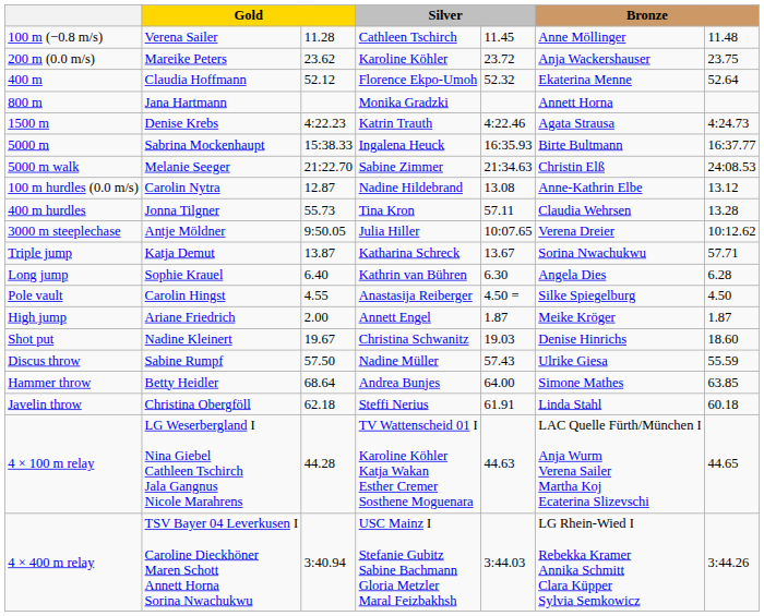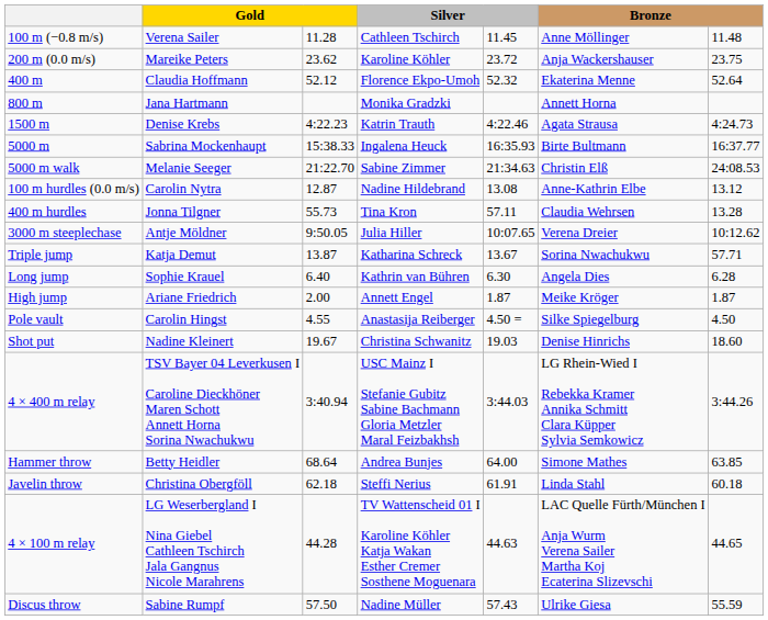 <table class="wikitable">
 <tr>
 <th></th>
 <th style="background:gold;" colspan=2>Gold</th>
 <th style="background:silver;" colspan=2>Silver</th>
 <th style="background:#CC9966;" colspan=2>Bronze</th>
 </tr>
 <tr>
 <td><a href='#'>100 m</a> (−0.8 m/s)</td>
 <td><a href='#'>Verena Sailer</a></td>
 <td>11.28 </td>
 <td><a href='#'>Cathleen Tschirch</a></td>
 <td>11.45 </td>
 <td><a href='#'>Anne Möllinger</a></td>
 <td>11.48 </td>
 </tr>
 <tr>
 <td><a href='#'>200 m</a> (0.0 m/s)</td>
 <td><a href='#'>Mareike Peters</a></td>
 <td>23.62</td>
 <td><a href='#'>Karoline Köhler</a></td>
 <td>23.72 </td>
 <td><a href='#'>Anja Wackershauser</a></td>
 <td>23.75 </td>
 </tr>
 <tr>
 <td><a href='#'>400 m</a></td>
 <td><a href='#'>Claudia Hoffmann</a></td>
 <td>52.12</td>
 <td><a href='#'>Florence Ekpo-Umoh</a></td>
 <td>52.32</td>
 <td><a href='#'>Ekaterina Menne</a></td>
 <td>52.64 </td>
 </tr>
 <tr>
 <td><a href='#'>800 m</a></td>
 <td><a href='#'>Jana Hartmann</a></td>
 <td></td>
 <td><a href='#'>Monika Gradzki</a></td>
 <td></td>
 <td><a href='#'>Annett Horna</a></td>
 <td></td>
 </tr>
 <tr>
 <td><a href='#'>1500 m</a></td>
 <td><a href='#'>Denise Krebs</a></td>
 <td>4:22.23</td>
 <td><a href='#'>Katrin Trauth</a></td>
 <td>4:22.46 </td>
 <td><a href='#'>Agata Strausa</a></td>
 <td>4:24.73 </td>
 </tr>
 <tr>
 <td><a href='#'>5000 m</a></td>
 <td><a href='#'>Sabrina Mockenhaupt</a></td>
 <td>15:38.33</td>
 <td><a href='#'>Ingalena Heuck</a></td>
 <td>16:35.93 </td>
 <td><a href='#'>Birte Bultmann</a></td>
 <td>16:37.77 </td>
 </tr>
 <tr>
 <td><a href='#'>5000 m walk</a></td>
 <td><a href='#'>Melanie Seeger</a></td>
 <td>21:22.70</td>
 <td><a href='#'>Sabine Zimmer</a></td>
 <td>21:34.63</td>
 <td><a href='#'>Christin Elß</a></td>
 <td>24:08.53 </td>
 </tr>
 <tr>
 <td><a href='#'>100 m hurdles</a> (0.0 m/s)</td>
 <td><a href='#'>Carolin Nytra</a></td>
 <td>12.87</td>
 <td><a href='#'>Nadine Hildebrand</a></td>
 <td>13.08</td>
 <td><a href='#'>Anne-Kathrin Elbe</a></td>
 <td>13.12</td>
 </tr>
 <tr>
 <td><a href='#'>400 m hurdles</a></td>
 <td><a href='#'>Jonna Tilgner</a></td>
 <td>55.73 </td>
 <td><a href='#'>Tina Kron</a></td>
 <td>57.11</td>
 <td><a href='#'>Claudia Wehrsen</a></td>
 <td>13.28</td>
 </tr>
 <tr>
 <td><a href='#'>3000 m steeplechase</a></td>
 <td><a href='#'>Antje Möldner</a></td>
 <td>9:50.05</td>
 <td><a href='#'>Julia Hiller</a></td>
 <td>10:07.65</td>
 <td><a href='#'>Verena Dreier</a></td>
 <td>10:12.62 </td>
 </tr>
 <tr>
 <td><a href='#'>Triple jump</a></td>
 <td><a href='#'>Katja Demut</a></td>
 <td>13.87</td>
 <td><a href='#'>Katharina Schreck</a></td>
 <td>13.67 </td>
 <td><a href='#'>Sorina Nwachukwu</a></td>
 <td>57.71 </td>
 </tr>
 <tr>
 <td><a href='#'>Long jump</a></td>
 <td><a href='#'>Sophie Krauel</a></td>
 <td>6.40</td>
 <td><a href='#'>Kathrin van Bühren</a></td>
 <td>6.30 </td>
 <td><a href='#'>Angela Dies</a></td>
 <td>6.28</td>
 </tr>
 <tr>
+<td><a href='#'>High jump</a></td>
+<td><a href='#'>Ariane Friedrich</a></td>
+<td>2.00</td>
+<td><a href='#'>Annett Engel</a></td>
+<td>1.87 </td>
+<td><a href='#'>Meike Kröger</a></td>
+<td>1.87 </td>
+</tr>
+<tr>
 <td><a href='#'>Pole vault</a></td>
 <td><a href='#'>Carolin Hingst</a></td>
 <td>4.55</td>
 <td><a href='#'>Anastasija Reiberger</a></td>
 <td>4.50 =</td>
 <td><a href='#'>Silke Spiegelburg</a></td>
 <td>4.50</td>
-</tr>
-<tr>
-<td><a href='#'>High jump</a></td>
-<td><a href='#'>Ariane Friedrich</a></td>
-<td>2.00</td>
-<td><a href='#'>Annett Engel</a></td>
-<td>1.87 </td>
-<td><a href='#'>Meike Kröger</a></td>
-<td>1.87 </td>
 </tr>
 <tr>
 <td><a href='#'>Shot put</a></td>
 <td><a href='#'>Nadine Kleinert</a></td>
 <td>19.67</td>
 <td><a href='#'>Christina Schwanitz</a></td>
 <td>19.03</td>
 <td><a href='#'>Denise Hinrichs</a></td>
 <td>18.60</td>
 </tr>
 <tr>
-<td><a href='#'>Discus throw</a></td>
-<td><a href='#'>Sabine Rumpf</a></td>
-<td>57.50</td>
-<td><a href='#'>Nadine Müller</a></td>
-<td>57.43</td>
-<td><a href='#'>Ulrike Giesa</a></td>
-<td>55.59</td>
+<td><a href='#'>4 × 400 m relay</a></td>
+<td><a href='#'>TSV Bayer 04 Leverkusen</a> I <br><br><a href='#'>Caroline Dieckhöner</a> <br> <a href='#'>Maren Schott</a> <br> <a href='#'>Annett Horna</a> <br> <a href='#'>Sorina Nwachukwu</a></td>
+<td>3:40.94</td>
+<td><a href='#'>USC Mainz</a> I <br><br><a href='#'>Stefanie Gubitz</a> <br> <a href='#'>Sabine Bachmann</a> <br> <a href='#'>Gloria Metzler</a> <br> <a href='#'>Maral Feizbakhsh</a></td>
+<td>3:44.03</td>
+<td>LG Rhein-Wied I <br><br><a href='#'>Rebekka Kramer</a> <br> <a href='#'>Annika Schmitt</a> <br> <a href='#'>Clara Küpper</a> <br> <a href='#'>Sylvia Semkowicz</a></td>
+<td>3:44.26</td>
 </tr>
 <tr>
 <td><a href='#'>Hammer throw</a></td>
 <td><a href='#'>Betty Heidler</a></td>
 <td>68.64</td>
 <td><a href='#'>Andrea Bunjes</a></td>
 <td>64.00</td>
 <td><a href='#'>Simone Mathes</a></td>
 <td>63.85</td>
 </tr>
 <tr>
 <td><a href='#'>Javelin throw</a></td>
 <td><a href='#'>Christina Obergföll</a></td>
 <td>62.18</td>
 <td><a href='#'>Steffi Nerius</a></td>
 <td>61.91</td>
 <td><a href='#'>Linda Stahl</a></td>
 <td>60.18</td>
 </tr>
 <tr>
 <td><a href='#'>4 × 100 m relay</a></td>
 <td><a href='#'>LG Weserbergland</a> I <br><br><a href='#'>Nina Giebel</a> <br> <a href='#'>Cathleen Tschirch</a> <br> <a href='#'>Jala Gangnus</a> <br> <a href='#'>Nicole Marahrens</a></td>
 <td>44.28</td>
 <td><a href='#'>TV Wattenscheid 01</a> I <br><br><a href='#'>Karoline Köhler</a> <br> <a href='#'>Katja Wakan</a> <br> <a href='#'>Esther Cremer</a> <br> <a href='#'>Sosthene Moguenara</a></td>
 <td>44.63 </td>
 <td>LAC Quelle Fürth/München I <br><br><a href='#'>Anja Wurm</a> <br> <a href='#'>Verena Sailer</a> <br> <a href='#'>Martha Koj</a> <br> <a href='#'>Ecaterina Slizevschi</a></td>
 <td>44.65 </td>
 </tr>
 <tr>
-<td><a href='#'>4 × 400 m relay</a></td>
-<td><a href='#'>TSV Bayer 04 Leverkusen</a> I <br><br><a href='#'>Caroline Dieckhöner</a> <br> <a href='#'>Maren Schott</a> <br> <a href='#'>Annett Horna</a> <br> <a href='#'>Sorina Nwachukwu</a></td>
-<td>3:40.94</td>
-<td><a href='#'>USC Mainz</a> I <br><br><a href='#'>Stefanie Gubitz</a> <br> <a href='#'>Sabine Bachmann</a> <br> <a href='#'>Gloria Metzler</a> <br> <a href='#'>Maral Feizbakhsh</a></td>
-<td>3:44.03</td>
-<td>LG Rhein-Wied I <br><br><a href='#'>Rebekka Kramer</a> <br> <a href='#'>Annika Schmitt</a> <br> <a href='#'>Clara Küpper</a> <br> <a href='#'>Sylvia Semkowicz</a></td>
-<td>3:44.26</td>
+<td><a href='#'>Discus throw</a></td>
+<td><a href='#'>Sabine Rumpf</a></td>
+<td>57.50</td>
+<td><a href='#'>Nadine Müller</a></td>
+<td>57.43</td>
+<td><a href='#'>Ulrike Giesa</a></td>
+<td>55.59</td>
 </tr>
 </table>
